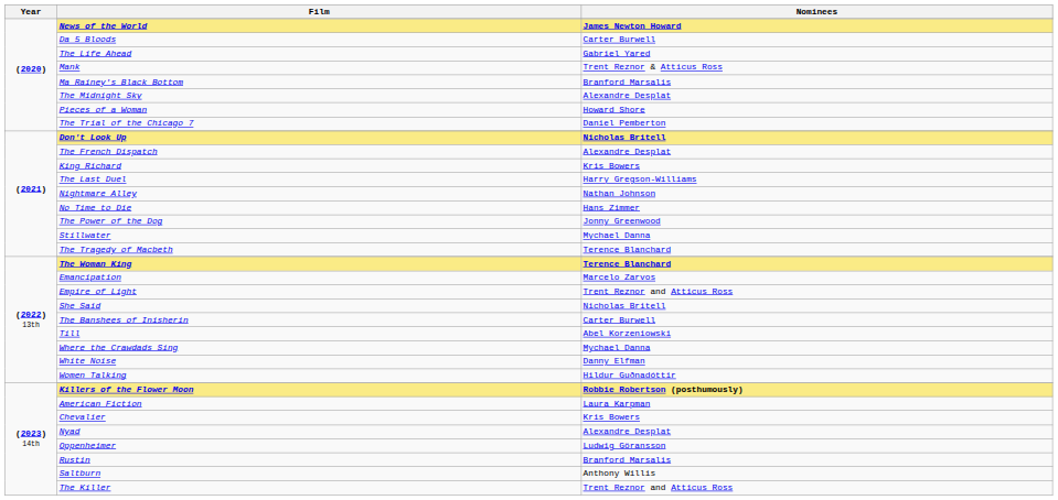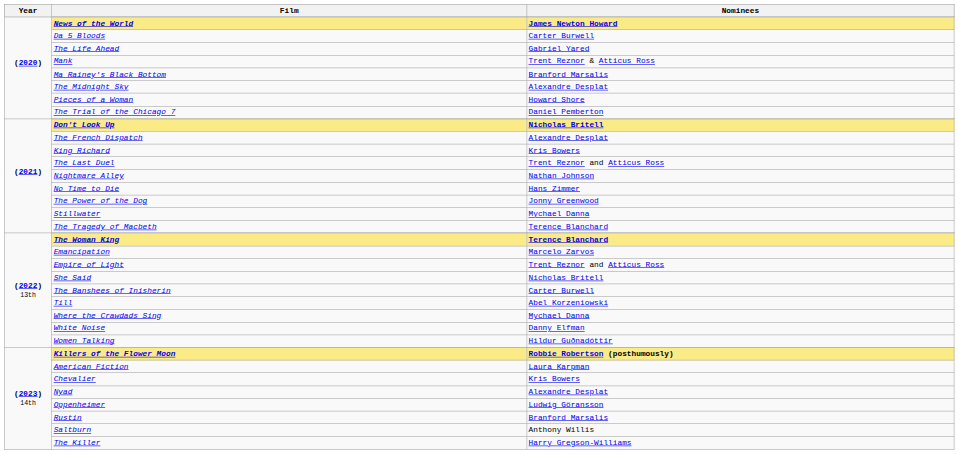 <table class="wikitable" style="width:100%">
 <tr bgcolor="#bebebe">
 <th width="5%">Year</th>
 <th width="50%">Film</th>
 <th width="45%">Nominees</th>
 </tr>
 <tr>
 <td rowspan=9 style="text-align:center"><strong>(<a href='#'>2020</a>)</strong><br> <br></td>
 </tr>
 <tr style="background:#FAEB86">
 <td><strong><em><a href='#'>News of the World</a></em></strong></td>
 <td><strong><a href='#'>James Newton Howard</a></strong></td>
 </tr>
 <tr>
 <td><em><a href='#'>Da 5 Bloods</a></em></td>
 <td><a href='#'>Carter Burwell</a></td>
 </tr>
 <tr>
 <td><em><a href='#'>The Life Ahead</a></em></td>
 <td><a href='#'>Gabriel Yared</a></td>
 </tr>
 <tr>
 <td><em><a href='#'>Mank</a></em></td>
 <td><a href='#'>Trent Reznor</a> & <a href='#'>Atticus Ross</a></td>
 </tr>
 <tr>
 <td><em><a href='#'>Ma Rainey's Black Bottom</a></em></td>
 <td><a href='#'>Branford Marsalis</a></td>
 </tr>
 <tr>
 <td><em><a href='#'>The Midnight Sky</a></em></td>
 <td><a href='#'>Alexandre Desplat</a></td>
 </tr>
 <tr>
 <td><em><a href='#'>Pieces of a Woman</a></em></td>
 <td><a href='#'>Howard Shore</a></td>
 </tr>
 <tr>
 <td><em><a href='#'>The Trial of the Chicago 7</a></em></td>
 <td><a href='#'>Daniel Pemberton</a></td>
 </tr>
 <tr>
 <td rowspan=10 style="text-align:center"><strong>(<a href='#'>2021</a>)</strong><br> <br></td>
 </tr>
 <tr style="background:#FAEB86">
 <td><strong><em><a href='#'>Don't Look Up</a></em></strong></td>
 <td><strong><a href='#'>Nicholas Britell</a></strong></td>
 </tr>
 <tr>
 <td><em><a href='#'>The French Dispatch</a></em></td>
 <td><a href='#'>Alexandre Desplat</a></td>
 </tr>
 <tr>
 <td><em><a href='#'>King Richard</a></em></td>
 <td><a href='#'>Kris Bowers</a></td>
 </tr>
 <tr>
 <td><em><a href='#'>The Last Duel</a></em></td>
-<td><a href='#'>Harry Gregson-Williams</a></td>
+<td><a href='#'>Trent Reznor</a> and <a href='#'>Atticus Ross</a></td>
 </tr>
 <tr>
 <td><em><a href='#'>Nightmare Alley</a></em></td>
 <td><a href='#'>Nathan Johnson</a></td>
 </tr>
 <tr>
 <td><em><a href='#'>No Time to Die</a></em></td>
 <td><a href='#'>Hans Zimmer</a></td>
 </tr>
 <tr>
 <td><em><a href='#'>The Power of the Dog</a></em></td>
 <td><a href='#'>Jonny Greenwood</a></td>
 </tr>
 <tr>
 <td><em><a href='#'>Stillwater</a></em></td>
 <td><a href='#'>Mychael Danna</a></td>
 </tr>
 <tr>
 <td><em><a href='#'>The Tragedy of Macbeth</a></em></td>
 <td><a href='#'>Terence Blanchard</a></td>
 </tr>
 <tr>
 <td rowspan="10" style="text-align:center"><strong>(<a href='#'>2022</a>)</strong>  <small>13th</small><br></td>
 </tr>
 <tr style="background:#FAEB86">
 <td><strong><em><a href='#'>The Woman King</a></em></strong></td>
 <td><strong><a href='#'>Terence Blanchard</a></strong></td>
 </tr>
 <tr>
 <td><em><a href='#'>Emancipation</a></em></td>
 <td><a href='#'>Marcelo Zarvos</a></td>
 </tr>
 <tr>
 <td><em><a href='#'>Empire of Light</a></em></td>
 <td><a href='#'>Trent Reznor</a> and <a href='#'>Atticus Ross</a></td>
 </tr>
 <tr>
 <td><em><a href='#'>She Said</a></em></td>
 <td><a href='#'>Nicholas Britell</a></td>
 </tr>
 <tr>
 <td><em><a href='#'>The Banshees of Inisherin</a></em></td>
 <td><a href='#'>Carter Burwell</a></td>
 </tr>
 <tr>
 <td><em><a href='#'>Till</a></em></td>
 <td><a href='#'>Abel Korzeniowski</a></td>
 </tr>
 <tr>
 <td><em><a href='#'>Where the Crawdads Sing</a></em></td>
 <td><a href='#'>Mychael Danna</a></td>
 </tr>
 <tr>
 <td><em><a href='#'>White Noise</a></em></td>
 <td><a href='#'>Danny Elfman</a></td>
 </tr>
 <tr>
 <td><em><a href='#'>Women Talking</a></em></td>
 <td><a href='#'>Hildur Guðnadóttir</a></td>
 </tr>
 <tr>
 <td rowspan="9" style="text-align:center"><strong>(<a href='#'>2023</a>)</strong>  <small>14th</small><br></td>
 </tr>
 <tr style="background:#FAEB86">
 <td><em><a href='#'><strong>Killers of the Flower Moon</strong></a></em></td>
 <td><strong><a href='#'>Robbie Robertson</a> (posthumously)</strong></td>
 </tr>
 <tr>
 <td><em><a href='#'>American Fiction</a></em></td>
 <td><a href='#'>Laura Karpman</a></td>
 </tr>
 <tr>
 <td><em><a href='#'>Chevalier</a></em></td>
 <td><a href='#'>Kris Bowers</a></td>
 </tr>
 <tr>
 <td><em><a href='#'>Nyad</a></em></td>
 <td><a href='#'>Alexandre Desplat</a></td>
 </tr>
 <tr>
 <td><em><a href='#'>Oppenheimer</a></em></td>
 <td><a href='#'>Ludwig Göransson</a></td>
 </tr>
 <tr>
 <td><em><a href='#'>Rustin</a></em></td>
 <td><a href='#'>Branford Marsalis</a></td>
 </tr>
 <tr>
 <td><em><a href='#'>Saltburn</a></em></td>
 <td>Anthony Willis</td>
 </tr>
 <tr>
 <td><em><a href='#'>The Killer</a></em></td>
-<td><a href='#'>Trent Reznor</a> and <a href='#'>Atticus Ross</a></td>
+<td><a href='#'>Harry Gregson-Williams</a></td>
 </tr>
 </table>
